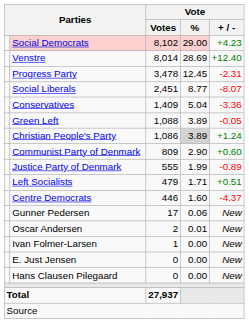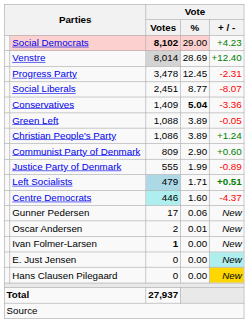 <table class="wikitable" style="text-align:right;">
 <tr>
 <th style="text-align:centre;" rowspan="2" colspan="2" width="225">Parties</th>
 <th colspan="3">Vote</th>
 </tr>
 <tr>
 <th width="15">Votes</th>
 <th width="15">%</th>
 <th width="15">+ / -</th>
 </tr>
 <tr>
 <td width="2" style="color:inherit;background:"></td>
 <td bgcolor=#fbd0ce  align="left"><a href='#'>Social Democrats</a></td>
-<td bgcolor=#fbd0ce>8,102</td>
+<td bgcolor=#fbd0ce><strong>8,102</strong></td>
 <td bgcolor=#fbd0ce>29.00</td>
 <td style=color:green;>+4.23</td>
 </tr>
 <tr>
 <td width="2" style="color:inherit;background:"></td>
 <td align="left"><a href='#'>Venstre</a></td>
-<td>8,014</td>
+<td style="background: lightgrey;">8,014</td>
 <td>28.69</td>
 <td style=color:green;>+12.40</td>
 </tr>
 <tr>
 <td width="2" style="color:inherit;background:"></td>
 <td align="left"><a href='#'>Progress Party</a></td>
 <td>3,478</td>
 <td>12.45</td>
 <td style=color:red;>-2.31</td>
 </tr>
 <tr>
 <td width="2" style="color:inherit;background:"></td>
 <td align="left"><a href='#'>Social Liberals</a></td>
 <td>2,451</td>
 <td>8.77</td>
 <td style=color:red;>-8.07</td>
 </tr>
 <tr>
 <td width="2" style="color:inherit;background:"></td>
 <td align="left"><a href='#'>Conservatives</a></td>
 <td>1,409</td>
-<td>5.04</td>
+<td><strong>5.04</strong></td>
 <td style=color:red;>-3.36</td>
 </tr>
 <tr>
 <td width="2" style="color:inherit;background:"></td>
 <td align="left"><a href='#'>Green Left</a></td>
 <td>1,088</td>
 <td>3.89</td>
 <td style=color:red;>-0.05</td>
 </tr>
 <tr>
 <td width="2" style="color:inherit;background:"></td>
 <td align="left"><a href='#'>Christian People's Party</a></td>
 <td>1,086</td>
-<td style="background: lightgrey;">3.89</td>
+<td>3.89</td>
 <td style=color:green;>+1.24</td>
 </tr>
 <tr>
 <td width="2" style="color:inherit;background:"></td>
 <td align="left"><a href='#'>Communist Party of Denmark</a></td>
 <td>809</td>
 <td>2.90</td>
 <td style=color:green;>+0.60</td>
 </tr>
 <tr>
 <td width="2" style="color:inherit;background:"></td>
 <td align="left"><a href='#'>Justice Party of Denmark</a></td>
 <td>555</td>
 <td>1.99</td>
 <td style=color:red;>-0.89</td>
 </tr>
 <tr>
 <td width="2" style="color:inherit;background:"></td>
 <td align="left"><a href='#'>Left Socialists</a></td>
-<td>479</td>
+<td style="background: lightblue;">479</td>
 <td>1.71</td>
-<td style=color:green;>+0.51</td>
+<td style=color:green;><strong>+0.51</strong></td>
 </tr>
 <tr>
 <td width="2" style="color:inherit;background:"></td>
 <td align="left"><a href='#'>Centre Democrats</a></td>
-<td>446</td>
+<td style="background: paleturquoise;">446</td>
 <td>1.60</td>
 <td style=color:red;>-4.37</td>
 </tr>
 <tr>
 <td width="2" style="color:inherit;background:"></td>
 <td align="left">Gunner Pedersen</td>
 <td>17</td>
 <td>0.06</td>
 <td><em>New</em></td>
 </tr>
 <tr>
 <td width="2" style="color:inherit;background:"></td>
 <td align="left">Oscar Andersen</td>
 <td>2</td>
 <td>0.01</td>
 <td><em>New</em></td>
 </tr>
 <tr>
 <td width="2" style="color:inherit;background:"></td>
 <td align="left">Ivan Folmer-Larsen</td>
-<td>1</td>
+<td><strong>1</strong></td>
 <td>0.00</td>
 <td><em>New</em></td>
 </tr>
 <tr>
 <td width="2" style="color:inherit;background:"></td>
 <td align="left">E. Just Jensen</td>
 <td>0</td>
 <td>0.00</td>
-<td><em>New</em></td>
+<td style="background: paleturquoise;"><em>New</em></td>
 </tr>
 <tr>
 <td width="2" style="color:inherit;background:"></td>
 <td align="left">Hans Clausen Pilegaard</td>
 <td>0</td>
 <td>0.00</td>
-<td><em>New</em></td>
+<td style="background: gold;"><em>New</em></td>
 </tr>
 <tr>
 <td colspan="7" bgcolor="#E9E9E9"></td>
 </tr>
 <tr>
 <td align="left" colspan="2"><strong>Total</strong></td>
 <td><strong>27,937</strong></td>
 <td bgcolor="#E9E9E9" colspan="2"></td>
 </tr>
 <tr>
 <td align="left" colspan="6">Source</td>
 </tr>
 </table>
